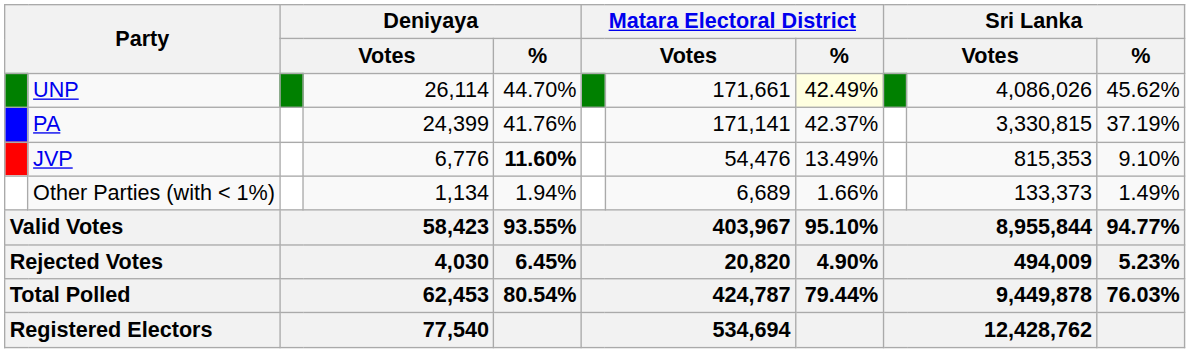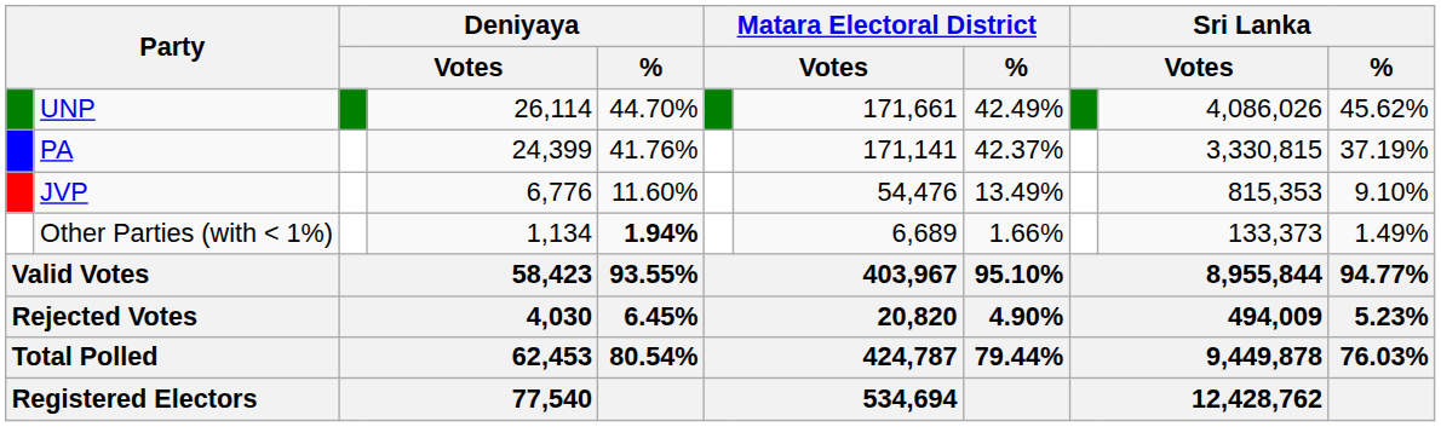 <table class="wikitable">
 <tr>
 <th colspan="2" width="144px"rowspan="2">Party</th>
 <th colspan="3" width="216px">Deniyaya</th>
 <th colspan="3" width="216px"><a href='#'>Matara Electoral District</a></th>
 <th colspan="3" width="216px">Sri Lanka</th>
 </tr>
 <tr>
 <th colspan="2" width="144px">Votes</th>
 <th>%</th>
 <th colspan="2" width="144px">Votes</th>
 <th>%</th>
 <th colspan="2" width="144px">Votes</th>
 <th>%</th>
 </tr>
 <tr>
 <td style="background-color:green;" width="10px"></td>
 <td style="text-align:left;"><a href='#'>UNP</a></td>
 <td style="background-color:green;" width="10px"></td>
 <td style="text-align:right;">26,114</td>
 <td style="text-align:right;">44.70%</td>
 <td style="background-color:green;" width="10px"></td>
 <td style="text-align:right;">171,661</td>
-<td style="background: lightyellow; text-align:right;">42.49%</td>
+<td style="text-align:right;">42.49%</td>
 <td style="background-color:green;" width="10px"></td>
 <td style="text-align:right;">4,086,026</td>
 <td style="text-align:right;">45.62%</td>
 </tr>
 <tr>
 <td style="background-color:blue;" width="10px"></td>
 <td style="text-align:left;"><a href='#'>PA</a></td>
 <td style="background-color:white;" width="10px"></td>
 <td style="text-align:right;">24,399</td>
 <td style="text-align:right;">41.76%</td>
 <td style="background-color:white;" width="10px"></td>
 <td style="text-align:right;">171,141</td>
 <td style="text-align:right;">42.37%</td>
 <td style="background-color:white;" width="10px"></td>
 <td style="text-align:right;">3,330,815</td>
 <td style="text-align:right;">37.19%</td>
 </tr>
 <tr>
 <td style="background-color:red;" width="10px"></td>
 <td style="text-align:left;"><a href='#'>JVP</a></td>
 <td style="background-color:white;" width="10px"></td>
 <td style="text-align:right;">6,776</td>
-<td style="text-align:right;"><strong>11.60%</strong></td>
+<td style="text-align:right;">11.60%</td>
 <td style="background-color:white;" width="10px"></td>
 <td style="text-align:right;">54,476</td>
 <td style="text-align:right;">13.49%</td>
 <td style="background-color:white;" width="10px"></td>
 <td style="text-align:right;">815,353</td>
 <td style="text-align:right;">9.10%</td>
 </tr>
 <tr>
 <td style="background-color:white;" width="10px"></td>
 <td style="text-align:left;">Other Parties (with < 1%)</td>
 <td style="background-color:white;" width="10px"></td>
 <td style="text-align:right;">1,134</td>
-<td style="text-align:right;">1.94%</td>
+<td style="text-align:right;"><strong>1.94%</strong></td>
 <td style="background-color:white;" width="10px"></td>
 <td style="text-align:right;">6,689</td>
 <td style="text-align:right;">1.66%</td>
 <td style="background-color:white;" width="10px"></td>
 <td style="text-align:right;">133,373</td>
 <td style="text-align:right;">1.49%</td>
 </tr>
 <tr>
 <th colspan="2" width="144px"style="text-align:left;">Valid Votes</th>
 <th style="text-align:right;"colspan="2" width="144px">58,423</th>
 <th style="text-align:right;">93.55%</th>
 <th style="text-align:right;"colspan="2" width="144px">403,967</th>
 <th style="text-align:right;">95.10%</th>
 <th style="text-align:right;"colspan="2" width="144px">8,955,844</th>
 <th style="text-align:right;">94.77%</th>
 </tr>
 <tr>
 <th colspan="2" width="144px"style="text-align:left;">Rejected Votes</th>
 <th style="text-align:right;"colspan="2" width="144px">4,030</th>
 <th style="text-align:right;">6.45%</th>
 <th style="text-align:right;"colspan="2" width="144px">20,820</th>
 <th style="text-align:right;">4.90%</th>
 <th style="text-align:right;"colspan="2" width="144px">494,009</th>
 <th style="text-align:right;">5.23%</th>
 </tr>
 <tr>
 <th colspan="2" width="144px"style="text-align:left;">Total Polled</th>
 <th style="text-align:right;"colspan="2" width="144px">62,453</th>
 <th style="text-align:right;">80.54%</th>
 <th style="text-align:right;"colspan="2" width="144px">424,787</th>
 <th style="text-align:right;">79.44%</th>
 <th style="text-align:right;"colspan="2" width="144px">9,449,878</th>
 <th style="text-align:right;">76.03%</th>
 </tr>
 <tr>
 <th colspan="2" width="144px"style="text-align:left;">Registered Electors</th>
 <th style="text-align:right;"colspan="2" width="144px">77,540</th>
 <th></th>
 <th style="text-align:right;"colspan="2" width="144px">534,694</th>
 <th></th>
 <th style="text-align:right;"colspan="2" width="144px">12,428,762</th>
 <th></th>
 </tr>
 </table>
